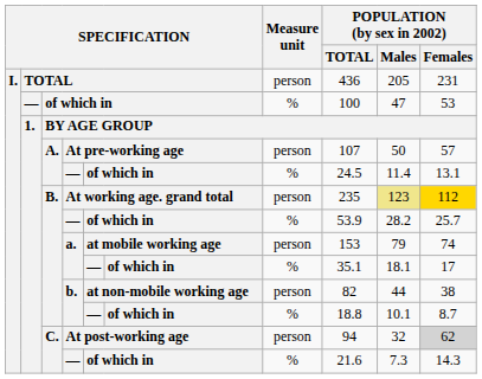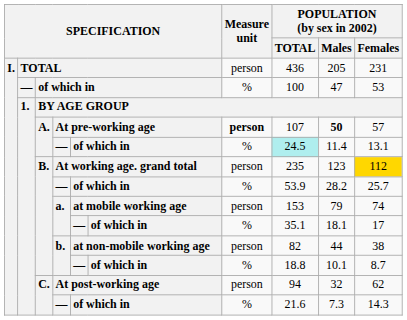 <table class="wikitable" style="font-size:85%; text-align:center">
 <tr>
 <th rowspan="2" colspan="6">SPECIFICATION</th>
 <th rowspan="2">Measure<br> unit</th>
 <th colspan="3" rowspan="1">POPULATION<br> (by sex in 2002)</th>
 </tr>
 <tr>
 <th>TOTAL</th>
 <th>Males</th>
 <th>Females</th>
 </tr>
 <tr>
 <th style="text-align:left" valign="top" rowspan="13">I.</th>
 <th style="text-align:left" colspan="5">TOTAL</th>
 <td>person</td>
 <td>436</td>
 <td>205</td>
 <td>231</td>
 </tr>
 <tr>
 <th style="text-align:left" valign="top">—</th>
 <th style="text-align:left" colspan="4">of which in</th>
 <td>%</td>
 <td>100</td>
 <td>47</td>
 <td>53</td>
 </tr>
 <tr>
 <th style="text-align:left" valign="top" rowspan="11">1.</th>
 <th style="text-align:left" colspan="19">BY AGE GROUP</th>
 </tr>
 <tr>
 <th style="text-align:left" valign="top" rowspan="2">A.</th>
 <th style="text-align:left" colspan="3">At pre-working age</th>
-<td>person</td>
+<td><strong>person</strong></td>
 <td>107</td>
-<td>50</td>
+<td><strong>50</strong></td>
 <td>57</td>
 </tr>
 <tr>
 <th style="text-align:left" valign="top">—</th>
 <th style="text-align:left" valign="top" colspan="2">of which in</th>
 <td>%</td>
-<td>24.5</td>
+<td style="background: paleturquoise;">24.5</td>
 <td>11.4</td>
 <td>13.1</td>
 </tr>
 <tr>
 <th style="text-align:left" valign="top" rowspan="6">B.</th>
 <th style="text-align:left" colspan="3">At working age. grand total</th>
 <td>person</td>
 <td>235</td>
-<td style="background: khaki;">123</td>
+<td>123</td>
 <td style="background: gold;">112</td>
 </tr>
 <tr>
 <th style="text-align:left" valign="top">—</th>
 <th style="text-align:left" valign="top" colspan="2">of which in</th>
 <td>%</td>
 <td>53.9</td>
 <td>28.2</td>
 <td>25.7</td>
 </tr>
 <tr>
 <th style="text-align:left" valign="top" rowspan="2">a.</th>
 <th style="text-align:left" colspan="2">at mobile working age</th>
 <td>person</td>
 <td>153</td>
 <td>79</td>
 <td>74</td>
 </tr>
 <tr>
 <th style="text-align:left" valign="top">—</th>
 <th style="text-align:left" valign="top" colspan="1">of which in                        </th>
 <td>%</td>
 <td>35.1</td>
 <td>18.1</td>
 <td>17</td>
 </tr>
 <tr>
 <th style="text-align:left" valign="top" rowspan="2">b.</th>
 <th style="text-align:left" colspan="2">at non-mobile working age</th>
 <td>person</td>
 <td>82</td>
 <td>44</td>
 <td>38</td>
 </tr>
 <tr>
 <th style="text-align:left" valign="top">—</th>
 <th style="text-align:left" valign="top" colspan="1">of which in                        </th>
 <td>%</td>
 <td>18.8</td>
 <td>10.1</td>
 <td>8.7</td>
 </tr>
 <tr>
 <th style="text-align:left" valign="top" rowspan="2">C.</th>
 <th style="text-align:left" colspan="3">At post-working age</th>
 <td>person</td>
 <td>94</td>
 <td>32</td>
-<td style="background: lightgrey;">62</td>
+<td>62</td>
 </tr>
 <tr>
 <th style="text-align:left" valign="top">—</th>
 <th style="text-align:left" valign="top" colspan="2">of which in</th>
 <td>%</td>
 <td>21.6</td>
 <td>7.3</td>
 <td>14.3</td>
 </tr>
 </table>
